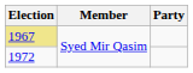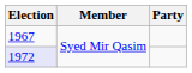 <table class="wikitable sortable">
 <tr>
 <th>Election</th>
 <th>Member</th>
 <th colspan=2>Party</th>
 </tr>
 <tr>
-<td style="background: khaki;"><a href='#'>1967</a></td>
+<td><a href='#'>1967</a></td>
 <td rowspan=2><a href='#'>Syed Mir Qasim</a></td>
 <td></td>
 </tr>
 <tr>
-<td><a href='#'>1972</a></td>
+<td style="background: lavender;"><a href='#'>1972</a></td>
 </tr>
 </table>
